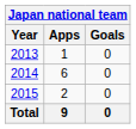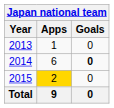 <table class="wikitable" style="text-align:center">
 <tr>
 <th colspan=3><a href='#'>Japan national team</a></th>
 </tr>
 <tr>
 <th>Year</th>
 <th>Apps</th>
 <th>Goals</th>
 </tr>
 <tr>
 <td><a href='#'>2013</a></td>
 <td>1</td>
 <td>0</td>
 </tr>
 <tr>
 <td><a href='#'>2014</a></td>
 <td>6</td>
-<td>0</td>
+<td><strong>0</strong></td>
 </tr>
 <tr>
 <td><a href='#'>2015</a></td>
-<td>2</td>
+<td style="background: gold;">2</td>
 <td>0</td>
 </tr>
 <tr>
 <th>Total</th>
 <th>9</th>
 <th>0</th>
 </tr>
 </table>
